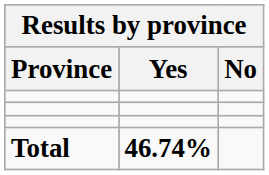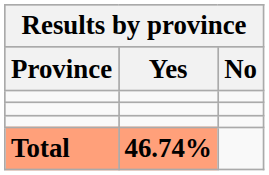 <table class="wikitable">
 <tr>
 <th colspan="3">Results by province</th>
 </tr>
 <tr>
 <th>Province</th>
 <th>Yes</th>
 <th>No</th>
 </tr>
 <tr>
 <td></td>
 <td></td>
 <td></td>
 </tr>
 <tr>
 <td></td>
 <td></td>
 <td></td>
 </tr>
 <tr>
 <td></td>
 <td></td>
 <td></td>
 </tr>
 <tr>
-<td><strong>Total</strong></td>
-<td><strong>46.74%</strong></td>
+<td style="background: lightsalmon;"><strong>Total</strong></td>
+<td style="background: lightsalmon;"><strong>46.74%</strong></td>
 <td></td>
 </tr>
 </table>
